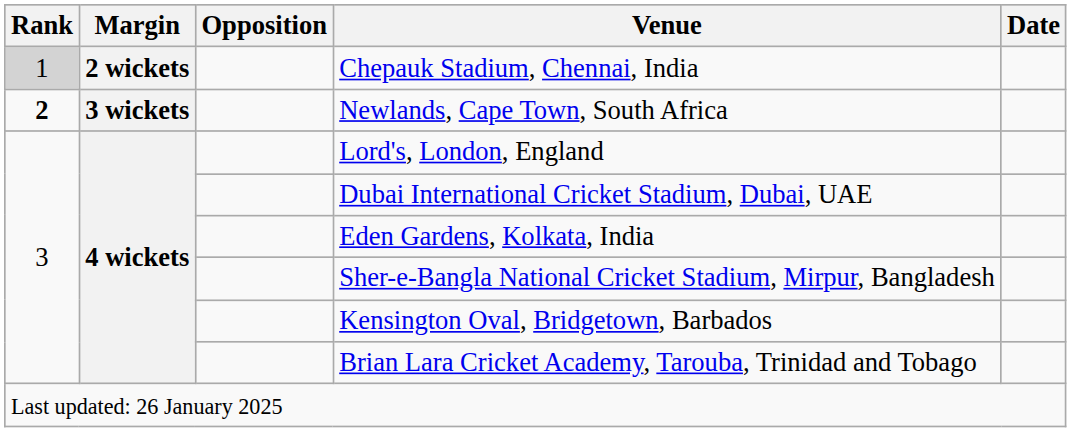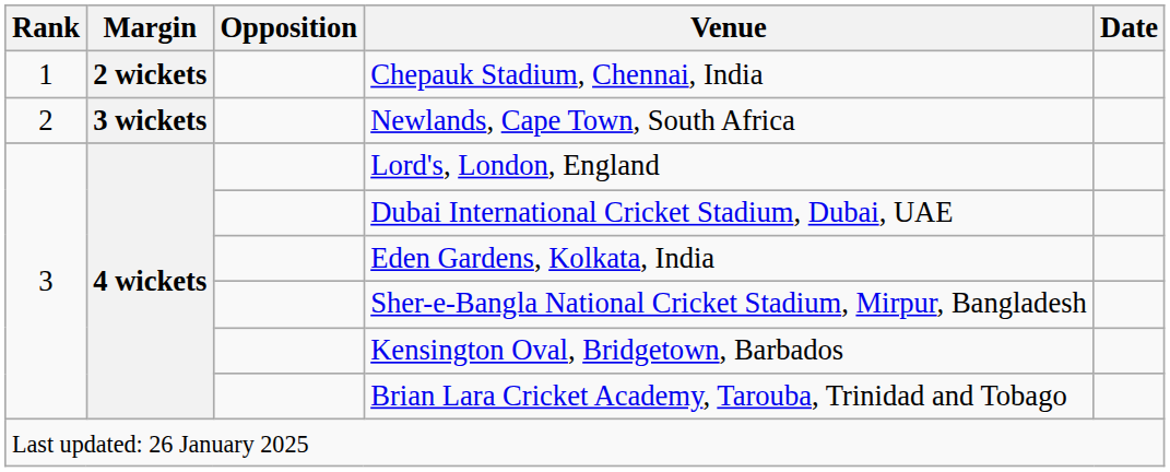 <table class="wikitable plainrowheaders">
 <tr>
 <th scope=col>Rank</th>
 <th scope=col>Margin</th>
 <th scope=col>Opposition</th>
 <th scope=col>Venue</th>
 <th scope=col>Date</th>
 </tr>
 <tr>
-<td align=center style="background: lightgrey;">1</td>
+<td align=center>1</td>
 <th scope=row style=text-align:center>2 wickets</th>
 <td></td>
 <td><a href='#'>Chepauk Stadium</a>, <a href='#'>Chennai</a>, India</td>
 <td></td>
 </tr>
 <tr>
-<td align=center><strong>2</strong></td>
+<td align=center>2</td>
 <th scope=row style=text-align:center>3 wickets</th>
 <td></td>
 <td><a href='#'>Newlands</a>, <a href='#'>Cape Town</a>, South Africa</td>
 <td></td>
 </tr>
 <tr>
 <td align=center rowspan=6>3</td>
 <th scope=row style=text-align:center rowspan=6>4 wickets</th>
 <td></td>
 <td><a href='#'>Lord's</a>, <a href='#'>London</a>, England</td>
 <td> </td>
 </tr>
 <tr>
 <td></td>
 <td><a href='#'>Dubai International Cricket Stadium</a>, <a href='#'>Dubai</a>, UAE</td>
 <td></td>
 </tr>
 <tr>
 <td></td>
 <td><a href='#'>Eden Gardens</a>, <a href='#'>Kolkata</a>, India</td>
 <td> </td>
 </tr>
 <tr>
 <td></td>
 <td><a href='#'>Sher-e-Bangla National Cricket Stadium</a>, <a href='#'>Mirpur</a>, Bangladesh</td>
 <td></td>
 </tr>
 <tr>
 <td></td>
 <td><a href='#'>Kensington Oval</a>, <a href='#'>Bridgetown</a>, Barbados</td>
 <td></td>
 </tr>
 <tr>
 <td></td>
 <td><a href='#'>Brian Lara Cricket Academy</a>, <a href='#'>Tarouba</a>, Trinidad and Tobago</td>
 <td></td>
 </tr>
 <tr>
 <td colspan=5><small>Last updated: 26 January 2025</small></td>
 </tr>
 </table>
